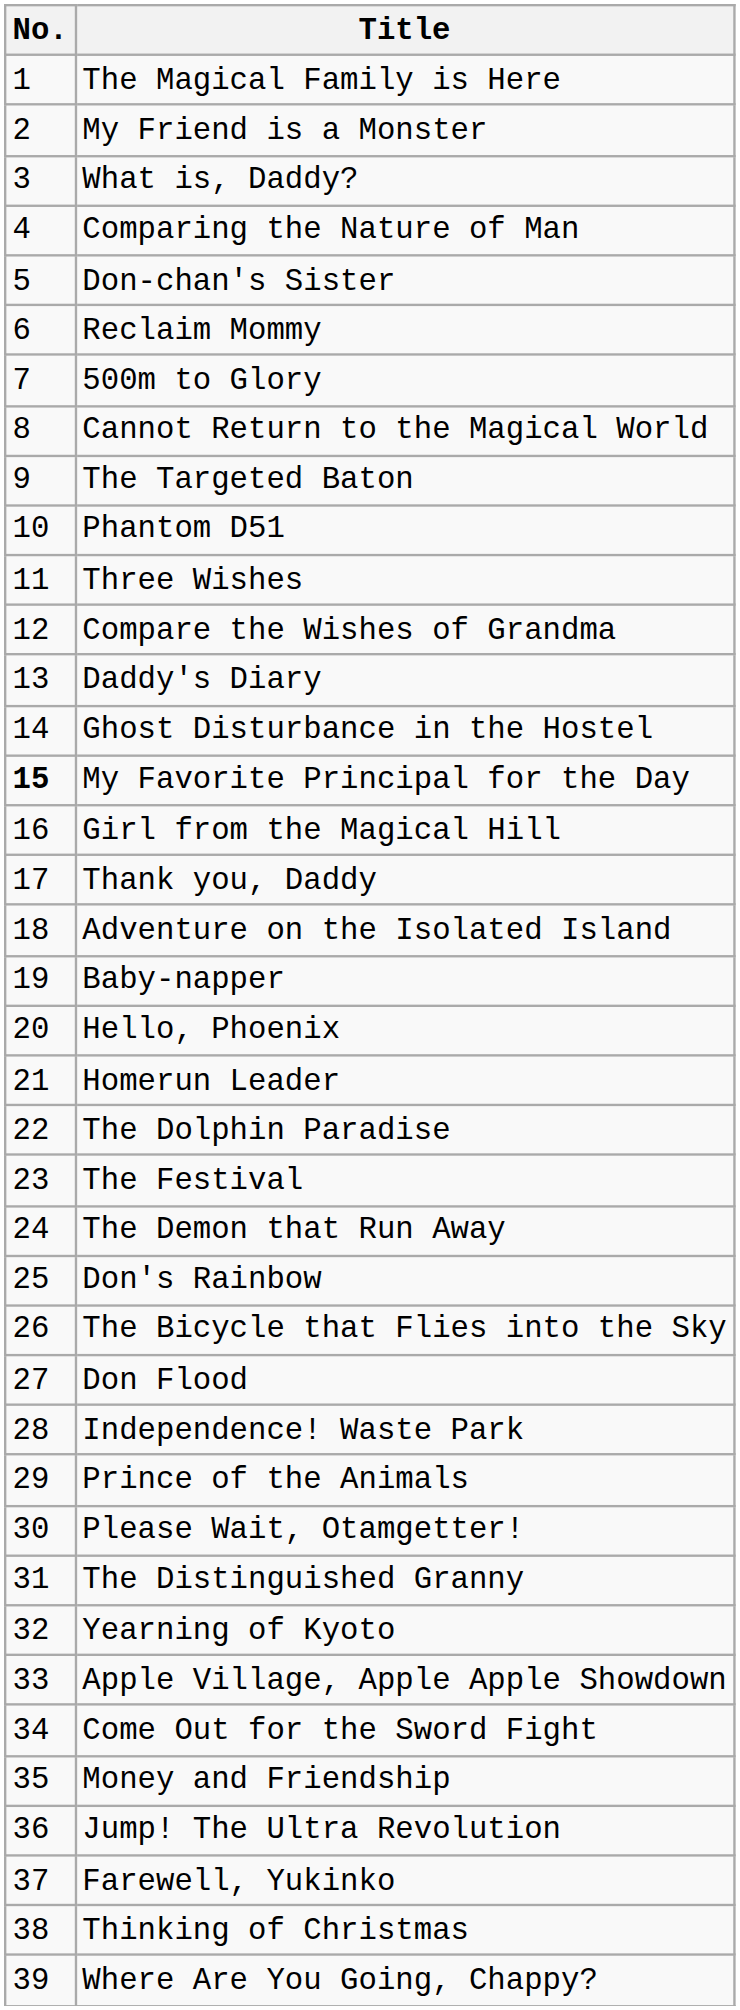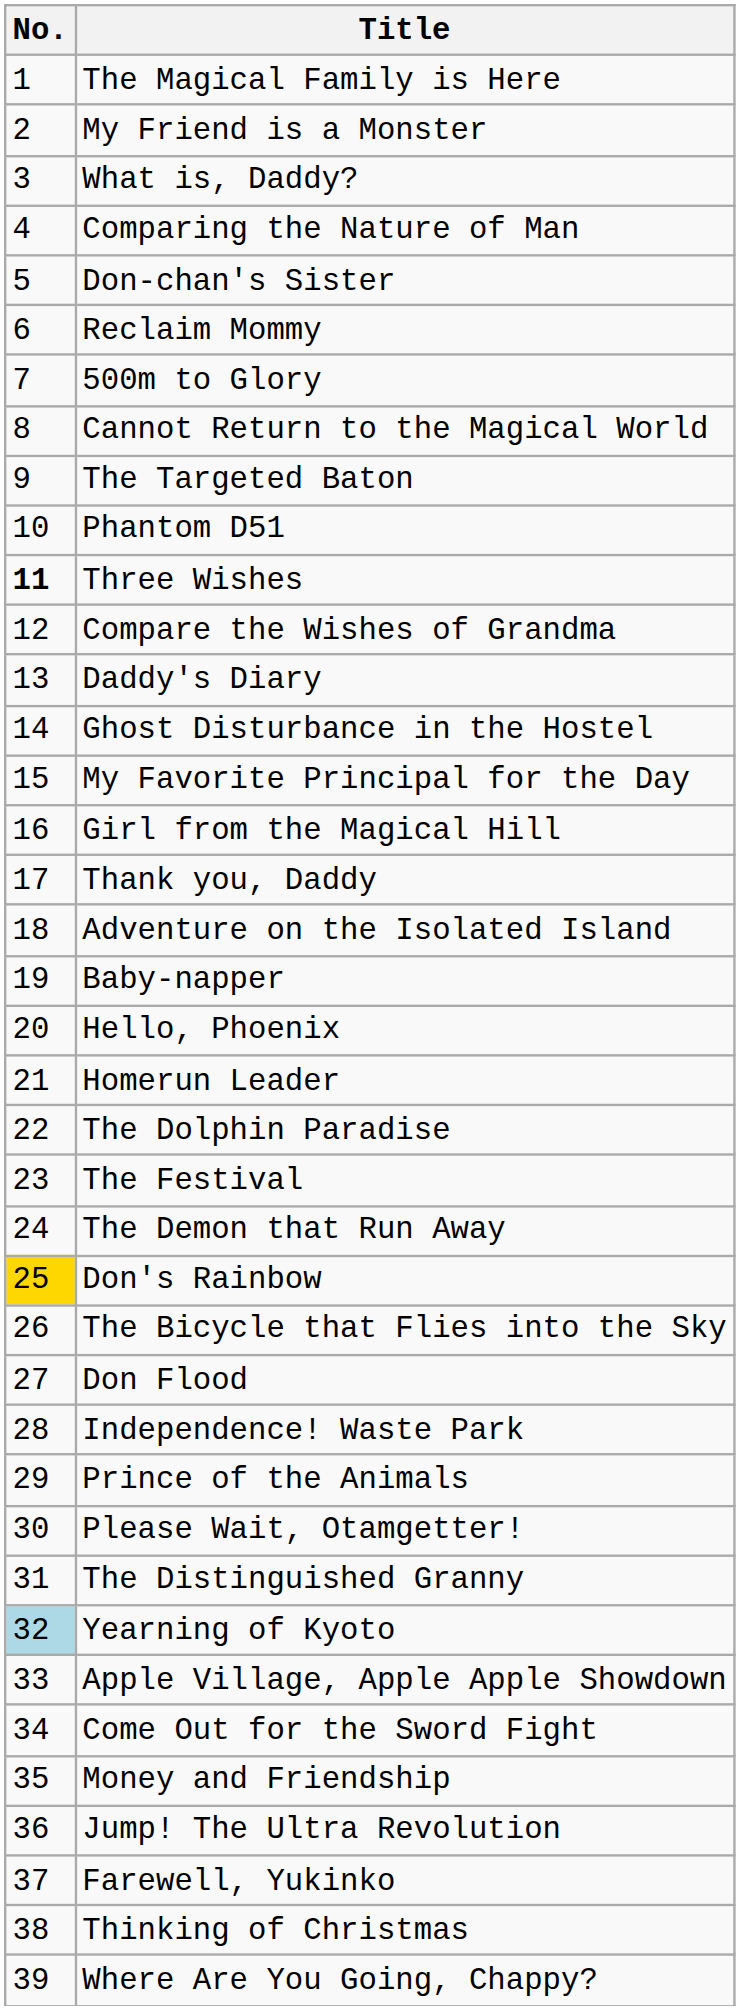 <table class="wikitable">
 <tr>
 <th>No.</th>
 <th>Title</th>
 </tr>
 <tr>
 <td>1</td>
 <td>The Magical Family is Here</td>
 </tr>
 <tr>
 <td>2</td>
 <td>My Friend is a Monster</td>
 </tr>
 <tr>
 <td>3</td>
 <td>What is, Daddy?</td>
 </tr>
 <tr>
 <td>4</td>
 <td>Comparing the Nature of Man</td>
 </tr>
 <tr>
 <td>5</td>
 <td>Don-chan's Sister</td>
 </tr>
 <tr>
 <td>6</td>
 <td>Reclaim Mommy</td>
 </tr>
 <tr>
 <td>7</td>
 <td>500m to Glory</td>
 </tr>
 <tr>
 <td>8</td>
 <td>Cannot Return to the Magical World</td>
 </tr>
 <tr>
 <td>9</td>
 <td>The Targeted Baton</td>
 </tr>
 <tr>
 <td>10</td>
 <td>Phantom D51</td>
 </tr>
 <tr>
-<td>11</td>
+<td><strong>11</strong></td>
 <td>Three Wishes</td>
 </tr>
 <tr>
 <td>12</td>
 <td>Compare the Wishes of Grandma</td>
 </tr>
 <tr>
 <td>13</td>
 <td>Daddy's Diary</td>
 </tr>
 <tr>
 <td>14</td>
 <td>Ghost Disturbance in the Hostel</td>
 </tr>
 <tr>
-<td><strong>15</strong></td>
+<td>15</td>
 <td>My Favorite Principal for the Day</td>
 </tr>
 <tr>
 <td>16</td>
 <td>Girl from the Magical Hill</td>
 </tr>
 <tr>
 <td>17</td>
 <td>Thank you, Daddy</td>
 </tr>
 <tr>
 <td>18</td>
 <td>Adventure on the Isolated Island</td>
 </tr>
 <tr>
 <td>19</td>
 <td>Baby-napper</td>
 </tr>
 <tr>
 <td>20</td>
 <td>Hello, Phoenix</td>
 </tr>
 <tr>
 <td>21</td>
 <td>Homerun Leader</td>
 </tr>
 <tr>
 <td>22</td>
 <td>The Dolphin Paradise</td>
 </tr>
 <tr>
 <td>23</td>
 <td>The Festival</td>
 </tr>
 <tr>
 <td>24</td>
 <td>The Demon that Run Away</td>
 </tr>
 <tr>
-<td>25</td>
+<td style="background: gold;">25</td>
 <td>Don's Rainbow</td>
 </tr>
 <tr>
 <td>26</td>
 <td>The Bicycle that Flies into the Sky</td>
 </tr>
 <tr>
 <td>27</td>
 <td>Don Flood</td>
 </tr>
 <tr>
 <td>28</td>
 <td>Independence! Waste Park</td>
 </tr>
 <tr>
 <td>29</td>
 <td>Prince of the Animals</td>
 </tr>
 <tr>
 <td>30</td>
 <td>Please Wait, Otamgetter!</td>
 </tr>
 <tr>
 <td>31</td>
 <td>The Distinguished Granny</td>
 </tr>
 <tr>
-<td>32</td>
+<td style="background: lightblue;">32</td>
 <td>Yearning of Kyoto</td>
 </tr>
 <tr>
 <td>33</td>
 <td>Apple Village, Apple Apple Showdown</td>
 </tr>
 <tr>
 <td>34</td>
 <td>Come Out for the Sword Fight</td>
 </tr>
 <tr>
 <td>35</td>
 <td>Money and Friendship</td>
 </tr>
 <tr>
 <td>36</td>
 <td>Jump! The Ultra Revolution</td>
 </tr>
 <tr>
 <td>37</td>
 <td>Farewell, Yukinko</td>
 </tr>
 <tr>
 <td>38</td>
 <td>Thinking of Christmas</td>
 </tr>
 <tr>
 <td>39</td>
 <td>Where Are You Going, Chappy?</td>
 </tr>
 <tr>
 </tr>
 </table>
